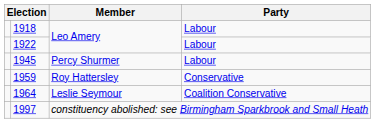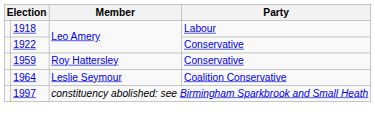 <table class="wikitable">
 <tr>
 <th colspan="2">Election</th>
 <th>Member</th>
 <th>Party</th>
 </tr>
 <tr>
 <td style="color:inherit;background-color: "></td>
 <td><a href='#'>1918</a></td>
 <td rowspan="2"><a href='#'>Leo Amery</a></td>
 <td><a href='#'>Labour</a></td>
 </tr>
 <tr>
 <td style="color:inherit;background-color: "></td>
 <td><a href='#'>1922</a></td>
-<td><a href='#'>Labour</a></td>
-</tr>
-<tr>
-<td style="color:inherit;background-color: "></td>
-<td><a href='#'>1945</a></td>
-<td><a href='#'>Percy Shurmer</a></td>
-<td><a href='#'>Labour</a></td>
+<td><a href='#'>Conservative</a></td>
 </tr>
 <tr>
 <td style="color:inherit;background-color: "></td>
 <td><a href='#'>1959</a></td>
 <td><a href='#'>Roy Hattersley</a></td>
 <td><a href='#'>Conservative</a></td>
 </tr>
 <tr>
 <td style="color:inherit;background-color: "></td>
 <td><a href='#'>1964</a></td>
 <td><a href='#'>Leslie Seymour</a></td>
 <td><a href='#'>Coalition Conservative</a></td>
 </tr>
 <tr>
 <td></td>
 <td><a href='#'>1997</a></td>
 <td colspan="2"><em>constituency abolished: see <a href='#'>Birmingham Sparkbrook and Small Heath</a></em></td>
 </tr>
 </table>
